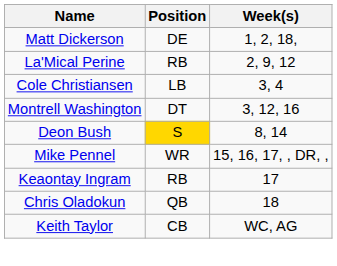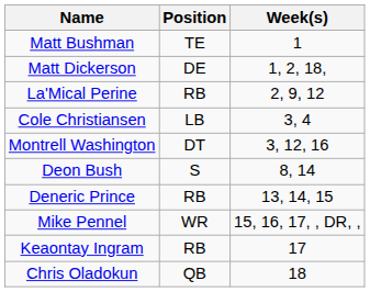 <table class="wikitable sortable" style="text-align:center">
 <tr>
 <th>Name</th>
 <th>Position</th>
 <th>Week(s)</th>
+</tr>
+<tr>
+<td><a href='#'>Matt Bushman</a></td>
+<td>TE</td>
+<td>1</td>
 </tr>
 <tr>
 <td><a href='#'>Matt Dickerson</a></td>
 <td>DE</td>
 <td>1, 2, 18, </td>
 </tr>
 <tr>
 <td><a href='#'>La'Mical Perine</a></td>
 <td>RB</td>
 <td>2, 9, 12</td>
 </tr>
 <tr>
 <td><a href='#'>Cole Christiansen</a></td>
 <td>LB</td>
 <td>3, 4</td>
 </tr>
 <tr>
 <td><a href='#'>Montrell Washington</a></td>
 <td>DT</td>
 <td>3, 12, 16</td>
 </tr>
 <tr>
 <td><a href='#'>Deon Bush</a></td>
-<td style="background: gold;">S</td>
+<td>S</td>
 <td>8, 14</td>
+</tr>
+<tr>
+<td><a href='#'>Deneric Prince</a></td>
+<td>RB</td>
+<td>13, 14, 15</td>
 </tr>
 <tr>
 <td><a href='#'>Mike Pennel</a></td>
 <td>WR</td>
 <td>15, 16, 17, , DR, , </td>
 </tr>
 <tr>
 <td><a href='#'>Keaontay Ingram</a></td>
 <td>RB</td>
 <td>17</td>
 </tr>
 <tr>
 <td><a href='#'>Chris Oladokun</a></td>
 <td>QB</td>
 <td>18</td>
 </tr>
-<tr>
-<td><a href='#'>Keith Taylor</a></td>
-<td>CB</td>
-<td>WC, AG</td>
-</tr>
 </table>
